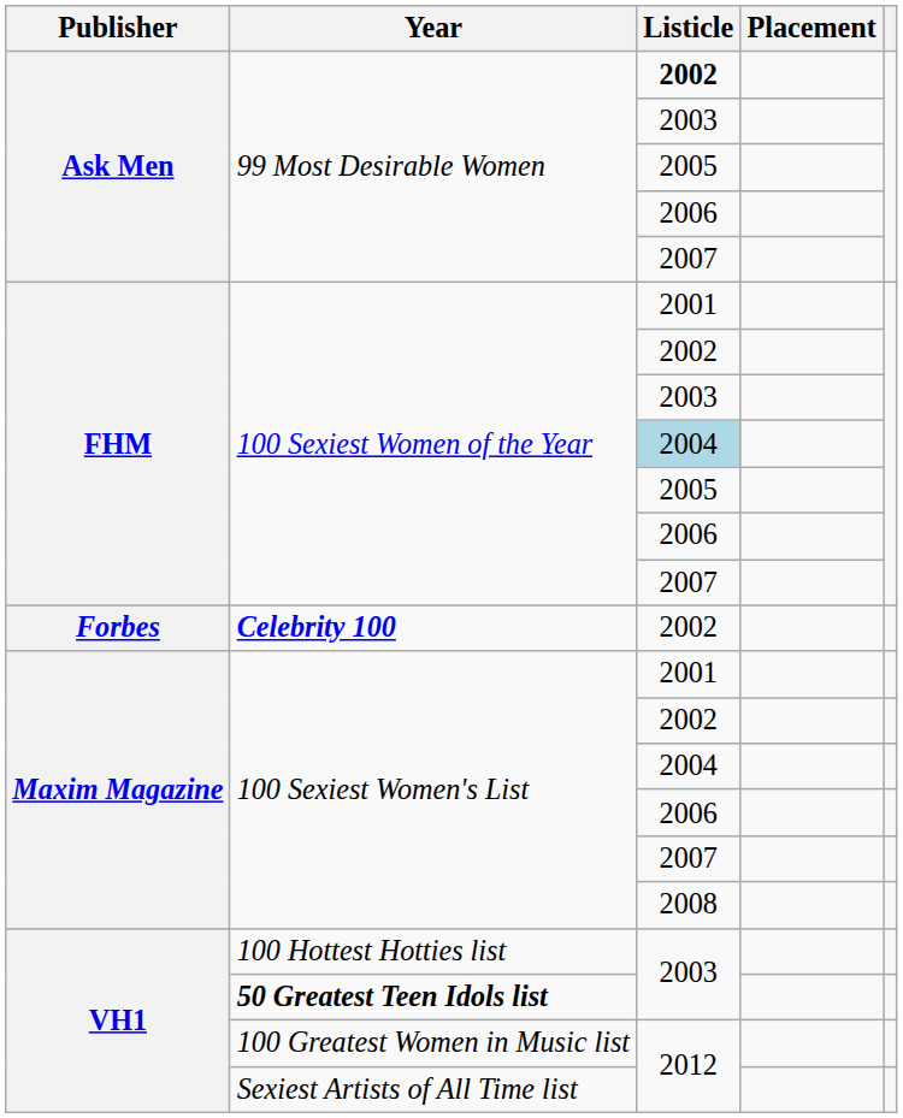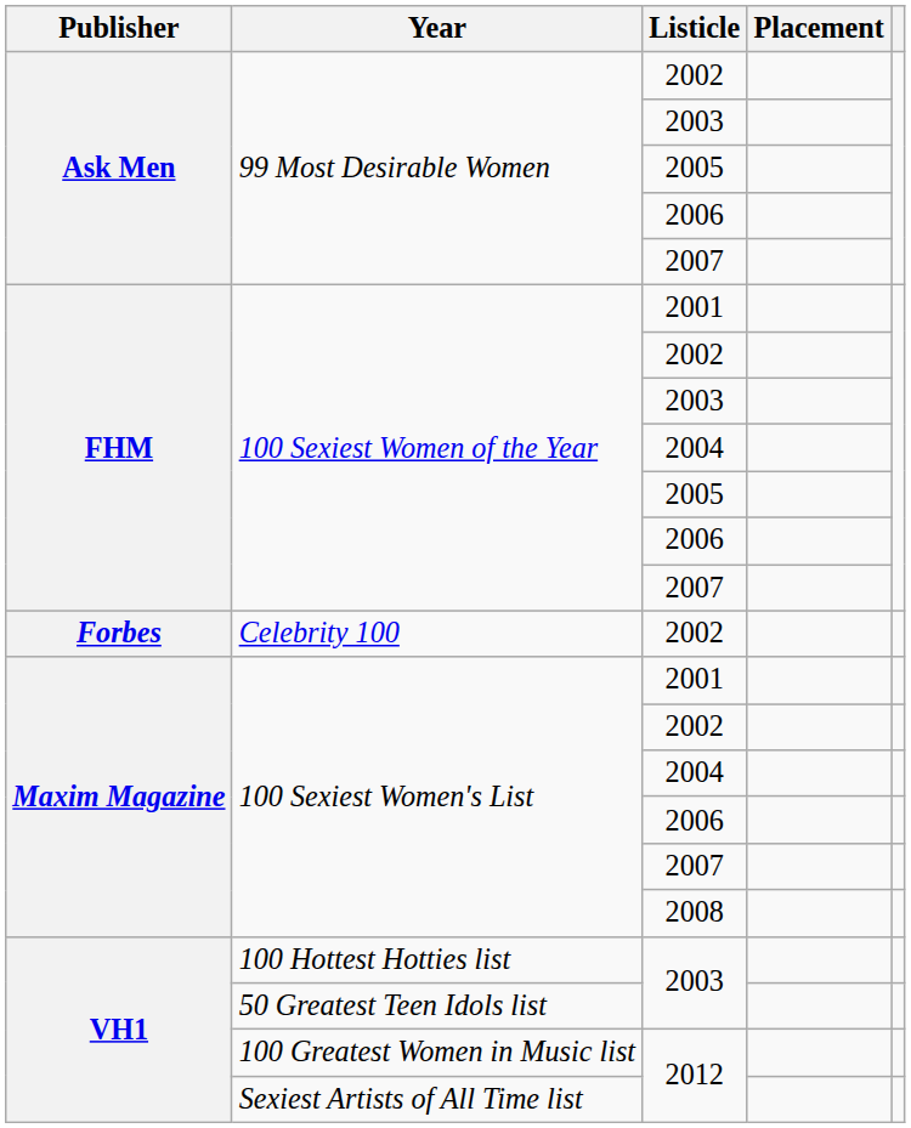 <table class="wikitable plainrowheaders sortable" style="margin-right: 0;">
 <tr>
 <th scope="col">Publisher</th>
 <th scope="col">Year</th>
 <th scope="col">Listicle</th>
 <th scope="col">Placement</th>
 <th scope="col" class="unsortable"></th>
 </tr>
 <tr>
 <th scope="row" rowspan="5"><a href='#'>Ask Men</a></th>
 <td rowspan="5"><em>99 Most Desirable Women</em></td>
-<td style="text-align:center;"><strong>2002</strong></td>
+<td style="text-align:center;">2002</td>
 <td></td>
 <td style="text-align:center;" rowspan="5"></td>
 </tr>
 <tr>
 <td style="text-align:center;">2003</td>
 <td></td>
 </tr>
 <tr>
 <td style="text-align:center;">2005</td>
 <td></td>
 </tr>
 <tr>
 <td style="text-align:center;">2006</td>
 <td></td>
 </tr>
 <tr>
 <td style="text-align:center;">2007</td>
 <td></td>
 </tr>
 <tr>
 <th scope="row" rowspan="7"><a href='#'>FHM</a></th>
 <td rowspan="7"><em><a href='#'>100 Sexiest Women of the Year</a></em></td>
 <td style="text-align:center;">2001</td>
 <td></td>
 <td style="text-align:center;" rowspan="7"></td>
 </tr>
 <tr>
 <td style="text-align:center;">2002</td>
 <td></td>
 </tr>
 <tr>
 <td style="text-align:center;">2003</td>
 <td></td>
 </tr>
 <tr>
-<td style="background: lightblue; text-align:center;">2004</td>
+<td style="text-align:center;">2004</td>
 <td></td>
 </tr>
 <tr>
 <td style="text-align:center;">2005</td>
 <td></td>
 </tr>
 <tr>
 <td style="text-align:center;">2006</td>
 <td></td>
 </tr>
 <tr>
 <td style="text-align:center;">2007</td>
 <td></td>
 </tr>
 <tr>
 <th scope="row"><em><a href='#'>Forbes</a></em></th>
-<td><strong><em><a href='#'>Celebrity 100</a></em></strong></td>
+<td><em><a href='#'>Celebrity 100</a></em></td>
 <td style="text-align:center;">2002</td>
 <td></td>
 <td style="text-align:center;"></td>
 </tr>
 <tr>
 <th scope="row" rowspan="6"><em><a href='#'>Maxim Magazine</a></em></th>
 <td rowspan=6><em>100 Sexiest Women's List</em></td>
 <td style="text-align:center;">2001</td>
 <td></td>
 <td style="text-align:center;"></td>
 </tr>
 <tr>
 <td style="text-align:center;">2002</td>
 <td></td>
 <td style="text-align:center;"></td>
 </tr>
 <tr>
 <td style="text-align:center;">2004</td>
 <td></td>
 <td style="text-align:center;"></td>
 </tr>
 <tr>
 <td style="text-align:center;">2006</td>
 <td></td>
 <td style="text-align:center;"></td>
 </tr>
 <tr>
 <td style="text-align:center;">2007</td>
 <td></td>
 <td style="text-align:center;"></td>
 </tr>
 <tr>
 <td style="text-align:center;">2008</td>
 <td></td>
 <td style="text-align:center;"></td>
 </tr>
 <tr>
 <th scope="row" rowspan="4"><a href='#'>VH1</a></th>
 <td><em>100 Hottest Hotties list</em></td>
 <td style="text-align:center;" rowspan="2">2003</td>
 <td></td>
 <td style="text-align:center;"></td>
 </tr>
 <tr>
-<td><strong><em>50 Greatest Teen Idols list</em></strong></td>
+<td><em>50 Greatest Teen Idols list</em></td>
 <td></td>
 <td style="text-align:center;"></td>
 </tr>
 <tr>
 <td><em>100 Greatest Women in Music list</em></td>
 <td style="text-align:center;" rowspan="2">2012</td>
 <td></td>
 <td style="text-align:center;"></td>
 </tr>
 <tr>
 <td><em>Sexiest Artists of All Time list</em></td>
 <td></td>
 <td style="text-align:center;"></td>
 </tr>
 </table>
